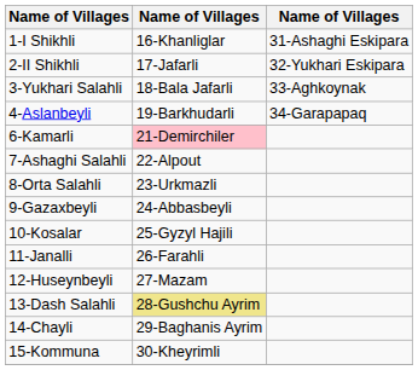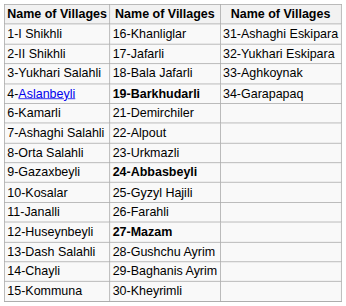 <table class="wikitable">
 <tr>
 <th>Name of Villages</th>
 <th>Name of Villages</th>
 <th>Name of Villages</th>
 </tr>
 <tr>
 <td>1-I Shikhli</td>
 <td>16-Khanliglar</td>
 <td>31-Ashaghi Eskipara</td>
 </tr>
 <tr>
 <td>2-II Shikhli</td>
 <td>17-Jafarli</td>
 <td>32-Yukhari Eskipara</td>
 </tr>
 <tr>
 <td>3-Yukhari Salahli</td>
 <td>18-Bala Jafarli</td>
 <td>33-Aghkoynak</td>
 </tr>
 <tr>
 <td>4-<a href='#'>Aslanbeyli</a></td>
-<td>19-Barkhudarli</td>
+<td><strong>19-Barkhudarli</strong></td>
 <td>34-Garapapaq</td>
 </tr>
 <tr>
 <td>6-Kamarli</td>
-<td style="background: pink;">21-Demirchiler</td>
+<td>21-Demirchiler</td>
 <td></td>
 </tr>
 <tr>
 <td>7-Ashaghi Salahli</td>
 <td>22-Alpout</td>
 <td></td>
 </tr>
 <tr>
 <td>8-Orta Salahli</td>
 <td>23-Urkmazli</td>
 <td></td>
 </tr>
 <tr>
 <td>9-Gazaxbeyli</td>
-<td>24-Abbasbeyli</td>
+<td><strong>24-Abbasbeyli</strong></td>
 <td></td>
 </tr>
 <tr>
 <td>10-Kosalar</td>
 <td>25-Gyzyl Hajili</td>
 <td></td>
 </tr>
 <tr>
 <td>11-Janalli</td>
 <td>26-Farahli</td>
 <td></td>
 </tr>
 <tr>
 <td>12-Huseynbeyli</td>
-<td>27-Mazam</td>
+<td><strong>27-Mazam</strong></td>
 <td></td>
 </tr>
 <tr>
 <td>13-Dash Salahli</td>
-<td style="background: khaki;">28-Gushchu Ayrim</td>
+<td>28-Gushchu Ayrim</td>
 <td></td>
 </tr>
 <tr>
 <td>14-Chayli</td>
 <td>29-Baghanis Ayrim</td>
 <td></td>
 </tr>
 <tr>
 <td>15-Kommuna</td>
 <td>30-Kheyrimli</td>
 <td></td>
 </tr>
 <tr>
 </tr>
 </table>
